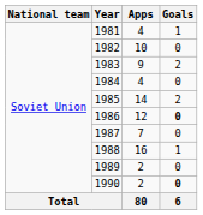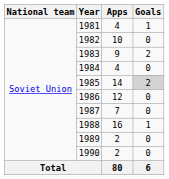 <table class="wikitable" style="text-align:center">
 <tr>
 <th>National team</th>
 <th>Year</th>
 <th width="40">Apps</th>
 <th width="40">Goals</th>
 </tr>
 <tr>
 <td rowspan="10"><a href='#'>Soviet Union</a></td>
 <td>1981</td>
 <td>4</td>
 <td>1</td>
 </tr>
 <tr>
 <td>1982</td>
 <td>10</td>
 <td>0</td>
 </tr>
 <tr>
 <td>1983</td>
 <td>9</td>
 <td>2</td>
 </tr>
 <tr>
 <td>1984</td>
 <td>4</td>
 <td>0</td>
 </tr>
 <tr>
 <td>1985</td>
 <td>14</td>
-<td>2</td>
+<td style="background: lightgrey;">2</td>
 </tr>
 <tr>
 <td>1986</td>
 <td>12</td>
-<td><strong>0</strong></td>
+<td>0</td>
 </tr>
 <tr>
 <td>1987</td>
 <td>7</td>
 <td>0</td>
 </tr>
 <tr>
 <td>1988</td>
 <td>16</td>
 <td>1</td>
 </tr>
 <tr>
 <td>1989</td>
 <td>2</td>
 <td>0</td>
 </tr>
 <tr>
 <td>1990</td>
 <td>2</td>
-<td><strong>0</strong></td>
+<td>0</td>
 </tr>
 <tr>
 <th colspan="2">Total</th>
 <th>80</th>
 <th>6</th>
 </tr>
 </table>
